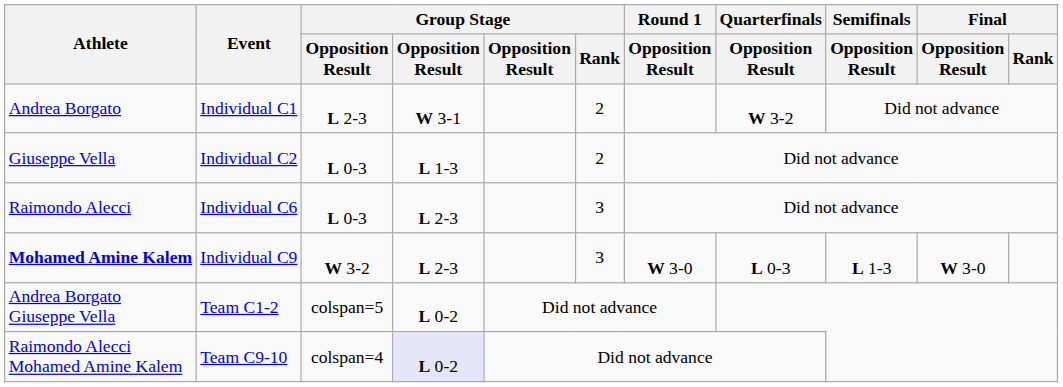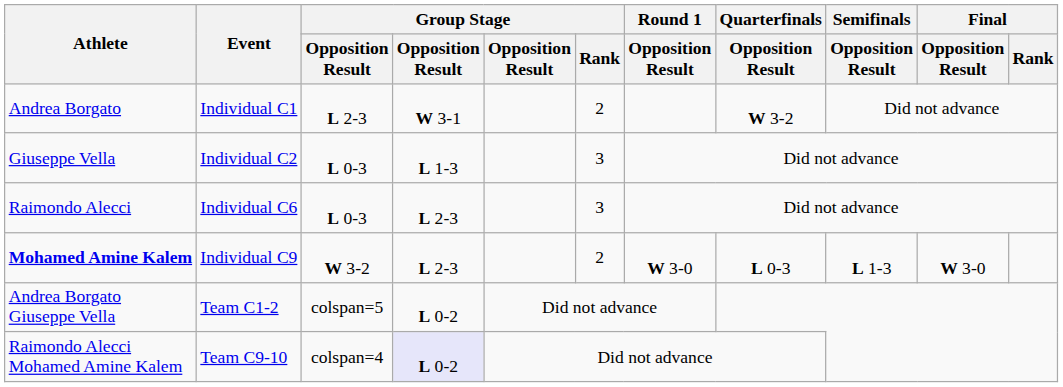 <table class=wikitable style="font-size:90%">
 <tr>
 <th rowspan="2">Athlete</th>
 <th rowspan="2">Event</th>
 <th colspan="4">Group Stage</th>
 <th>Round 1</th>
 <th>Quarterfinals</th>
 <th>Semifinals</th>
 <th colspan="2">Final</th>
 </tr>
 <tr>
 <th>Opposition<br>Result</th>
 <th>Opposition<br>Result</th>
 <th>Opposition<br>Result</th>
 <th>Rank</th>
 <th>Opposition<br>Result</th>
 <th>Opposition<br>Result</th>
 <th>Opposition<br>Result</th>
 <th>Opposition<br>Result</th>
 <th>Rank</th>
 </tr>
 <tr align=center>
 <td align=left><a href='#'>Andrea Borgato</a></td>
 <td align=left><a href='#'>Individual C1</a></td>
 <td><br><strong>L</strong> 2-3</td>
 <td><br><strong>W</strong> 3-1</td>
 <td></td>
 <td>2</td>
 <td></td>
 <td><br><strong>W</strong> 3-2</td>
 <td colspan=3>Did not advance</td>
 </tr>
 <tr align=center>
 <td align=left><a href='#'>Giuseppe Vella</a></td>
 <td align=left><a href='#'>Individual C2</a></td>
 <td><br><strong>L</strong> 0-3</td>
 <td><br><strong>L</strong> 1-3</td>
 <td></td>
-<td>2</td>
+<td>3</td>
 <td colspan=5>Did not advance</td>
 </tr>
 <tr align=center>
 <td align=left><a href='#'>Raimondo Alecci</a></td>
 <td align=left><a href='#'>Individual C6</a></td>
 <td><br><strong>L</strong> 0-3</td>
 <td><br><strong>L</strong> 2-3</td>
 <td></td>
 <td>3</td>
 <td colspan=5>Did not advance</td>
 </tr>
 <tr align=center>
 <td align=left><strong><a href='#'>Mohamed Amine Kalem</a></strong></td>
 <td align=left><a href='#'>Individual C9</a></td>
 <td><br><strong>W</strong> 3-2</td>
 <td><br><strong>L</strong> 2-3</td>
 <td></td>
-<td>3</td>
+<td>2</td>
 <td><br><strong>W</strong> 3-0</td>
 <td><br><strong>L</strong> 0-3</td>
 <td><br><strong>L</strong> 1-3</td>
 <td><br><strong>W</strong> 3-0</td>
 <td></td>
 </tr>
 <tr align=center>
 <td align=left><a href='#'>Andrea Borgato</a><br><a href='#'>Giuseppe Vella</a></td>
 <td align=left><a href='#'>Team C1-2</a></td>
 <td>colspan=5 </td>
 <td><br><strong>L</strong> 0-2</td>
 <td colspan=3>Did not advance</td>
 </tr>
 <tr align=center>
 <td align=left><a href='#'>Raimondo Alecci</a><br><a href='#'>Mohamed Amine Kalem</a></td>
 <td align=left><a href='#'>Team C9-10</a></td>
 <td>colspan=4 </td>
 <td style="background: lavender;"><br><strong>L</strong> 0-2</td>
 <td colspan=4>Did not advance</td>
 </tr>
 </table>
